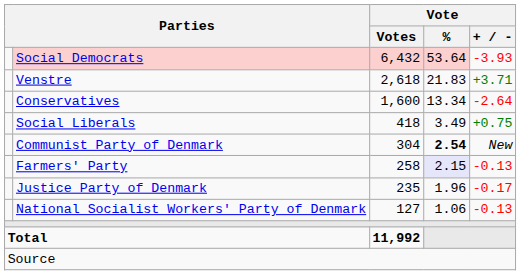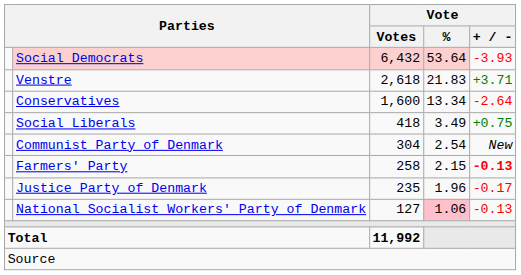 <table class="wikitable" style="text-align:right;">
 <tr>
 <th style="text-align:centre;" rowspan="2" colspan="2" width="225">Parties</th>
 <th colspan="3">Vote</th>
 </tr>
 <tr>
 <th width="15">Votes</th>
 <th width="15">%</th>
 <th width="15">+ / -</th>
 </tr>
 <tr>
 <td width="2" style="color:inherit;background:"></td>
 <td bgcolor=#fbd0ce  align="left"><a href='#'>Social Democrats</a></td>
 <td bgcolor=#fbd0ce>6,432</td>
 <td bgcolor=#fbd0ce>53.64</td>
 <td style=color:red;>-3.93</td>
 </tr>
 <tr>
 <td width="2" style="color:inherit;background:"></td>
 <td align="left"><a href='#'>Venstre</a></td>
 <td>2,618</td>
 <td>21.83</td>
 <td style=color:green;>+3.71</td>
 </tr>
 <tr>
 <td width="2" style="color:inherit;background:"></td>
 <td align="left"><a href='#'>Conservatives</a></td>
 <td>1,600</td>
 <td>13.34</td>
 <td style=color:red;>-2.64</td>
 </tr>
 <tr>
 <td width="2" style="color:inherit;background:"></td>
 <td align="left"><a href='#'>Social Liberals</a></td>
 <td>418</td>
 <td>3.49</td>
 <td style=color:green;>+0.75</td>
 </tr>
 <tr>
 <td width="2" style="color:inherit;background:"></td>
 <td align="left"><a href='#'>Communist Party of Denmark</a></td>
 <td>304</td>
-<td><strong>2.54</strong></td>
+<td>2.54</td>
 <td><em>New</em></td>
 </tr>
 <tr>
 <td width="2" style="color:inherit;background:"></td>
 <td align="left"><a href='#'>Farmers' Party</a></td>
 <td>258</td>
-<td style="background: lavender;">2.15</td>
-<td style=color:red;>-0.13</td>
+<td>2.15</td>
+<td style=color:red;><strong>-0.13</strong></td>
 </tr>
 <tr>
 <td width="2" style="color:inherit;background:"></td>
 <td align="left"><a href='#'>Justice Party of Denmark</a></td>
 <td>235</td>
 <td>1.96</td>
 <td style=color:red;>-0.17</td>
 </tr>
 <tr>
 <td width="2" style="color:inherit;background:"></td>
 <td align="left"><a href='#'>National Socialist Workers' Party of Denmark</a></td>
 <td>127</td>
-<td>1.06</td>
+<td style="background: pink;">1.06</td>
 <td style=color:red;>-0.13</td>
 </tr>
 <tr>
 <td colspan="7" bgcolor="#E9E9E9"></td>
 </tr>
 <tr>
 <td align="left" colspan="2"><strong>Total</strong></td>
 <td><strong>11,992</strong></td>
 <td bgcolor="#E9E9E9" colspan="2"></td>
 </tr>
 <tr>
 <td align="left" colspan="6">Source</td>
 </tr>
 </table>
